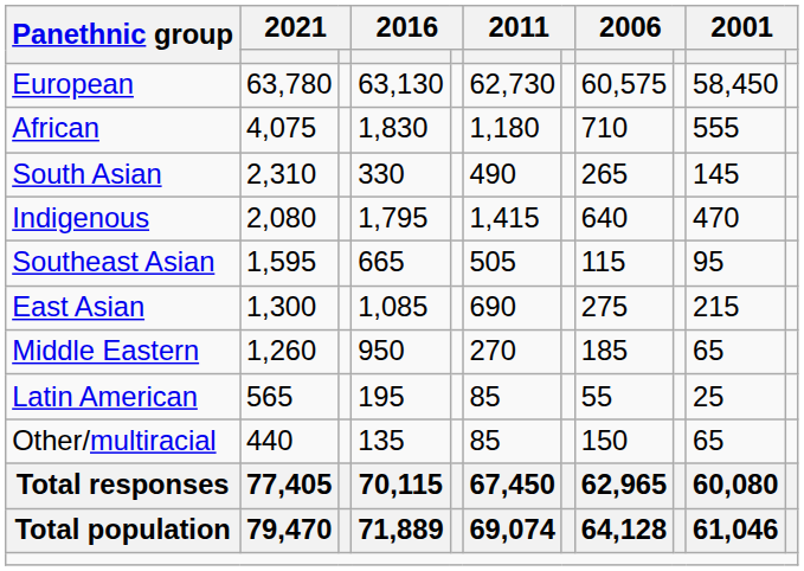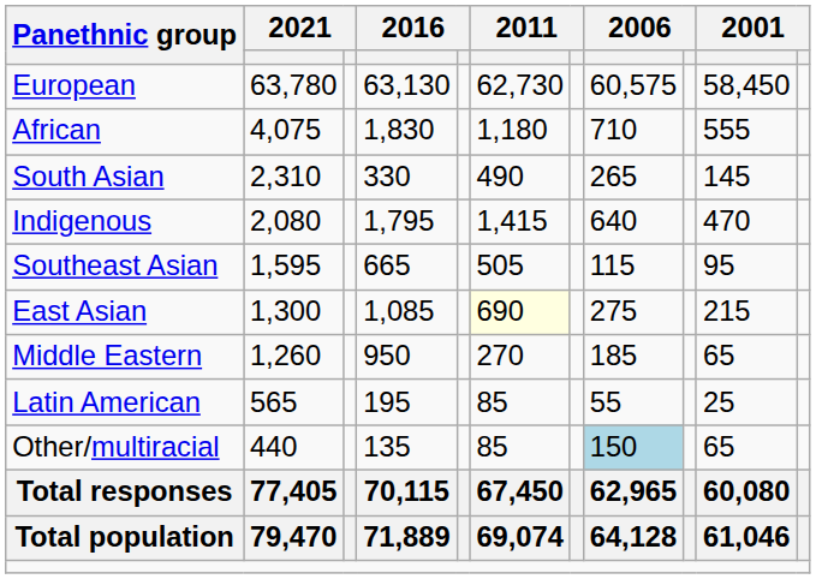 <table class="wikitable collapsible sortable">
 <tr>
 <th rowspan="2"><a href='#'>Panethnic</a> group</th>
 <th colspan="2">2021</th>
 <th colspan="2">2016</th>
 <th colspan="2">2011</th>
 <th colspan="2">2006</th>
 <th colspan="2">2001</th>
 </tr>
 <tr>
 <th><a href='#'></a></th>
 <th></th>
 <th></th>
 <th></th>
 <th></th>
 <th></th>
 <th></th>
 <th></th>
 <th></th>
 <th></th>
 </tr>
 <tr>
 <td><a href='#'>European</a></td>
 <td>63,780</td>
 <td></td>
 <td>63,130</td>
 <td></td>
 <td>62,730</td>
 <td></td>
 <td>60,575</td>
 <td></td>
 <td>58,450</td>
 <td></td>
 </tr>
 <tr>
 <td><a href='#'>African</a></td>
 <td>4,075</td>
 <td></td>
 <td>1,830</td>
 <td></td>
 <td>1,180</td>
 <td></td>
 <td>710</td>
 <td></td>
 <td>555</td>
 <td></td>
 </tr>
 <tr>
 <td><a href='#'>South Asian</a></td>
 <td>2,310</td>
 <td></td>
 <td>330</td>
 <td></td>
 <td>490</td>
 <td></td>
 <td>265</td>
 <td></td>
 <td>145</td>
 <td></td>
 </tr>
 <tr>
 <td><a href='#'>Indigenous</a></td>
 <td>2,080</td>
 <td></td>
 <td>1,795</td>
 <td></td>
 <td>1,415</td>
 <td></td>
 <td>640</td>
 <td></td>
 <td>470</td>
 <td></td>
 </tr>
 <tr>
 <td><a href='#'>Southeast Asian</a></td>
 <td>1,595</td>
 <td></td>
 <td>665</td>
 <td></td>
 <td>505</td>
 <td></td>
 <td>115</td>
 <td></td>
 <td>95</td>
 <td></td>
 </tr>
 <tr>
 <td><a href='#'>East Asian</a></td>
 <td>1,300</td>
 <td></td>
 <td>1,085</td>
 <td></td>
-<td>690</td>
+<td style="background: lightyellow;">690</td>
 <td></td>
 <td>275</td>
 <td></td>
 <td>215</td>
 <td></td>
 </tr>
 <tr>
 <td><a href='#'>Middle Eastern</a></td>
 <td>1,260</td>
 <td></td>
 <td>950</td>
 <td></td>
 <td>270</td>
 <td></td>
 <td>185</td>
 <td></td>
 <td>65</td>
 <td></td>
 </tr>
 <tr>
 <td><a href='#'>Latin American</a></td>
 <td>565</td>
 <td></td>
 <td>195</td>
 <td></td>
 <td>85</td>
 <td></td>
 <td>55</td>
 <td></td>
 <td>25</td>
 <td></td>
 </tr>
 <tr>
 <td>Other/<a href='#'>multiracial</a></td>
 <td>440</td>
 <td></td>
 <td>135</td>
 <td></td>
 <td>85</td>
 <td></td>
-<td>150</td>
+<td style="background: lightblue;">150</td>
 <td></td>
 <td>65</td>
 <td></td>
 </tr>
 <tr>
 <th>Total responses</th>
 <th>77,405</th>
 <th></th>
 <th>70,115</th>
 <th></th>
 <th>67,450</th>
 <th></th>
 <th>62,965</th>
 <th></th>
 <th>60,080</th>
 <th></th>
 </tr>
 <tr class="sortbottom">
 <th>Total population</th>
 <th>79,470</th>
 <th></th>
 <th>71,889</th>
 <th></th>
 <th>69,074</th>
 <th></th>
 <th>64,128</th>
 <th></th>
 <th>61,046</th>
 <th></th>
 </tr>
 <tr class="sortbottom">
 <td colspan="11"></td>
 </tr>
 </table>
